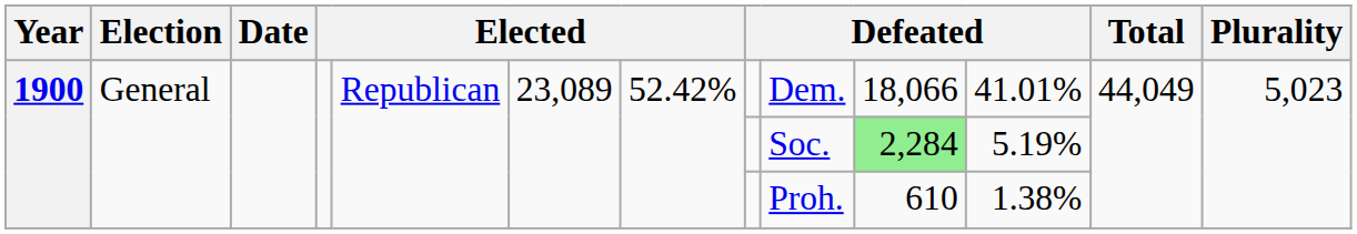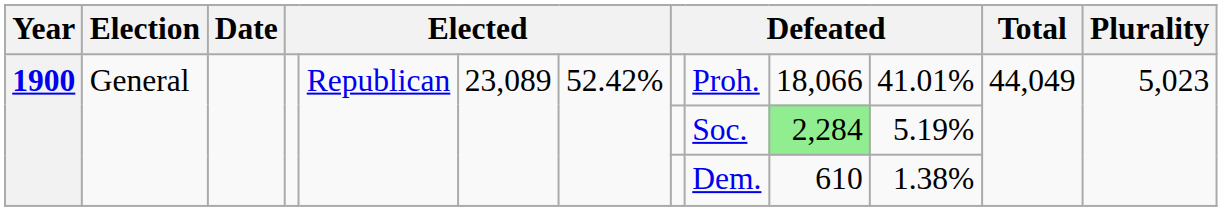 <table class=wikitable>
 <tr>
 <th>Year</th>
 <th>Election</th>
 <th>Date</th>
 <th ! colspan="4">Elected</th>
 <th ! colspan="4">Defeated</th>
 <th>Total</th>
 <th>Plurality</th>
 </tr>
 <tr>
 <th rowspan="3" valign="top"><a href='#'>1900</a></th>
 <td rowspan="3" valign="top">General</td>
 <td rowspan="3" valign="top"></td>
 <td rowspan="3" valign="top"></td>
 <td rowspan="3" valign="top" ><a href='#'>Republican</a></td>
 <td rowspan="3" valign="top" align="right">23,089</td>
 <td rowspan="3" valign="top" align="right">52.42%</td>
 <td valign="top"></td>
-<td valign="top" ><a href='#'>Dem.</a></td>
+<td valign="top" ><a href='#'>Proh.</a></td>
 <td valign="top" align="right">18,066</td>
 <td valign="top" align="right">41.01%</td>
 <td rowspan="3" valign="top" align="right">44,049</td>
 <td rowspan="3" valign="top" align="right">5,023</td>
 </tr>
 <tr>
 <td valign="top"></td>
 <td valign="top" ><a href='#'>Soc.</a></td>
 <td valign="top" align="right" style="background: lightgreen;">2,284</td>
 <td valign="top" align="right">5.19%</td>
 </tr>
 <tr>
 <td valign="top"></td>
-<td valign="top" ><a href='#'>Proh.</a></td>
+<td valign="top" ><a href='#'>Dem.</a></td>
 <td valign="top" align="right">610</td>
 <td valign="top" align="right">1.38%</td>
 </tr>
 </table>
